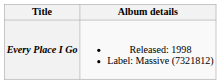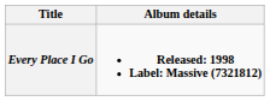 <table class="wikitable plainrowheaders" style="text-align:center;" border="1">
 <tr>
 <th scope="col">Title</th>
 <th scope="col">Album details</th>
 </tr>
 <tr>
 <th scope="row"><em>Every Place I Go</em></th>
-<td><br><ul><li>Released: 1998</li><li>Label: Massive (7321812)</li></ul></td>
+<td><strong><br><ul><li>Released: 1998</li><li>Label: Massive (7321812)</li></ul></strong></td>
 </tr>
 </table>
